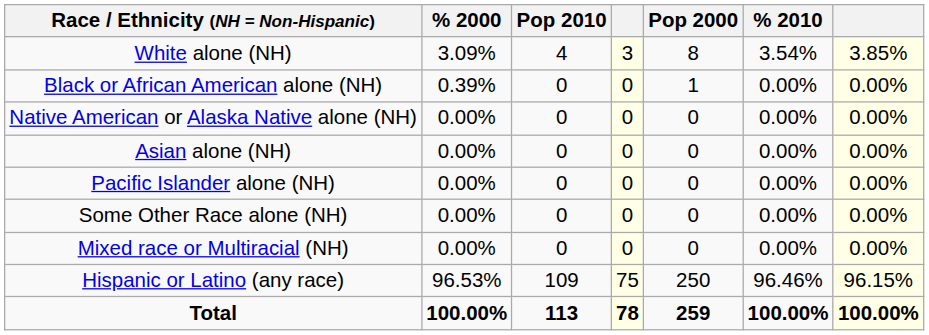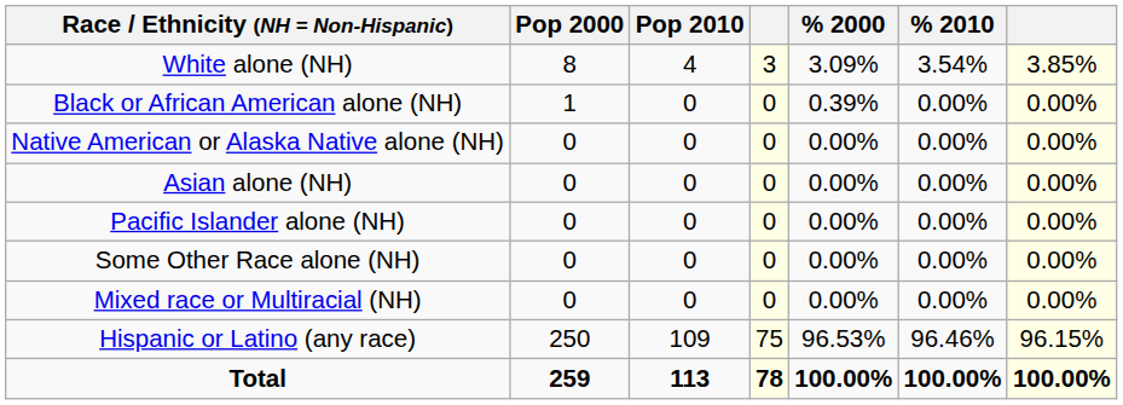 <table class="wikitable" style="text-align:center;">
 <tr>
 <th>Race / Ethnicity <small>(<em>NH = Non-Hispanic</em>)</small></th>
-<th>% 2000</th>
+<th>Pop 2000</th>
 <th>Pop 2010</th>
 <th></th>
-<th>Pop 2000</th>
+<th>% 2000</th>
 <th>% 2010</th>
 <th></th>
 </tr>
 <tr>
 <td><a href='#'>White</a> alone (NH)</td>
-<td>3.09%</td>
+<td>8</td>
 <td>4</td>
 <td style='background: #ffffe6;'>3</td>
-<td>8</td>
+<td>3.09%</td>
 <td>3.54%</td>
 <td style='background: #ffffe6;'>3.85%</td>
 </tr>
 <tr>
 <td><a href='#'>Black or African American</a> alone (NH)</td>
-<td>0.39%</td>
+<td>1</td>
 <td>0</td>
 <td style='background: #ffffe6;'>0</td>
-<td>1</td>
+<td>0.39%</td>
 <td>0.00%</td>
 <td style='background: #ffffe6;'>0.00%</td>
 </tr>
 <tr>
 <td><a href='#'>Native American</a> or <a href='#'>Alaska Native</a> alone (NH)</td>
-<td>0.00%</td>
+<td>0</td>
 <td>0</td>
 <td style='background: #ffffe6;'>0</td>
-<td>0</td>
+<td>0.00%</td>
 <td>0.00%</td>
 <td style='background: #ffffe6;'>0.00%</td>
 </tr>
 <tr>
 <td><a href='#'>Asian</a> alone (NH)</td>
-<td>0.00%</td>
+<td>0</td>
 <td>0</td>
 <td style='background: #ffffe6;'>0</td>
-<td>0</td>
+<td>0.00%</td>
 <td>0.00%</td>
 <td style='background: #ffffe6;'>0.00%</td>
 </tr>
 <tr>
 <td><a href='#'>Pacific Islander</a> alone (NH)</td>
-<td>0.00%</td>
+<td>0</td>
 <td>0</td>
 <td style='background: #ffffe6;'>0</td>
-<td>0</td>
+<td>0.00%</td>
 <td>0.00%</td>
 <td style='background: #ffffe6;'>0.00%</td>
 </tr>
 <tr>
 <td>Some Other Race alone (NH)</td>
-<td>0.00%</td>
+<td>0</td>
 <td>0</td>
 <td style='background: #ffffe6;'>0</td>
-<td>0</td>
+<td>0.00%</td>
 <td>0.00%</td>
 <td style='background: #ffffe6;'>0.00%</td>
 </tr>
 <tr>
 <td><a href='#'>Mixed race or Multiracial</a> (NH)</td>
-<td>0.00%</td>
+<td>0</td>
 <td>0</td>
 <td style='background: #ffffe6;'>0</td>
-<td>0</td>
+<td>0.00%</td>
 <td>0.00%</td>
 <td style='background: #ffffe6;'>0.00%</td>
 </tr>
 <tr>
 <td><a href='#'>Hispanic or Latino</a> (any race)</td>
-<td>96.53%</td>
+<td>250</td>
 <td>109</td>
 <td style='background: #ffffe6;'>75</td>
-<td>250</td>
+<td>96.53%</td>
 <td>96.46%</td>
 <td style='background: #ffffe6;'>96.15%</td>
 </tr>
 <tr>
 <td><strong>Total</strong></td>
-<td><strong>100.00%</strong></td>
+<td><strong>259</strong></td>
 <td><strong>113</strong></td>
 <td style='background: #ffffe6;'><strong>78</strong></td>
-<td><strong>259</strong></td>
+<td><strong>100.00%</strong></td>
 <td><strong>100.00%</strong></td>
 <td style='background: #ffffe6;'><strong>100.00%</strong></td>
 </tr>
 </table>
